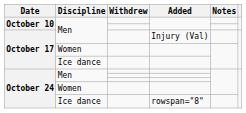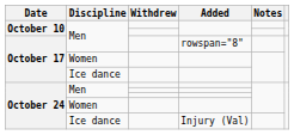 <table class="wikitable unsortable">
 <tr>
 <th scope="col">Date</th>
 <th scope="col">Discipline</th>
 <th scope="col">Withdrew</th>
 <th scope="col">Added</th>
 <th scope="col">Notes</th>
 <th scope="col"></th>
 </tr>
 <tr>
 <th rowspan="2" scope="row" style="text-align:left">October 10</th>
 <td rowspan="3">Men</td>
 <td></td>
 <td rowspan="2"></td>
 <td></td>
 <td rowspan="2"></td>
 </tr>
 <tr>
 <td></td>
 <td></td>
 </tr>
 <tr>
 <th rowspan="3" scope="row" style="text-align:left">October 17</th>
 <td></td>
-<td>Injury (Val)</td>
+<td>rowspan="8" </td>
 <td></td>
 <td rowspan="3"></td>
 </tr>
 <tr>
 <td>Women</td>
 <td></td>
 <td></td>
 </tr>
 <tr>
 <td>Ice dance</td>
 <td></td>
 <td></td>
 </tr>
 <tr>
 <th rowspan="5" scope="row" style="text-align:left">October 24</th>
 <td rowspan="3">Men</td>
 <td></td>
 <td></td>
 <td rowspan="4"></td>
 </tr>
 <tr>
 <td></td>
 <td></td>
 </tr>
 <tr>
 <td></td>
 <td></td>
 </tr>
 <tr>
 <td>Women</td>
 <td></td>
 <td></td>
 </tr>
 <tr>
 <td>Ice dance</td>
 <td></td>
-<td>rowspan="8" </td>
+<td>Injury (Val)</td>
 <td></td>
 </tr>
 </table>
